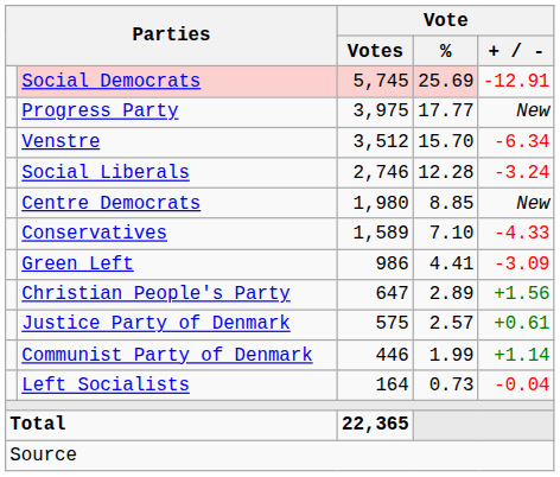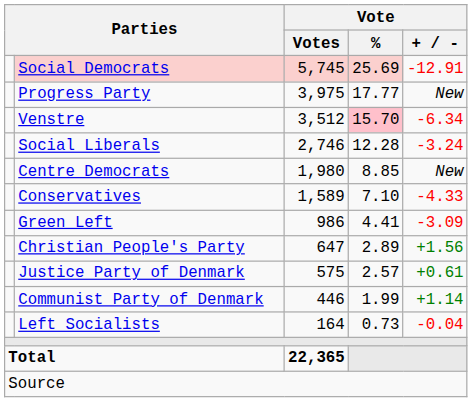 <table class="wikitable" style="text-align:right;">
 <tr>
 <th style="text-align:centre;" rowspan="2" colspan="2" width="225">Parties</th>
 <th colspan="3">Vote</th>
 </tr>
 <tr>
 <th width="15">Votes</th>
 <th width="15">%</th>
 <th width="15">+ / -</th>
 </tr>
 <tr>
 <td width="2" style="color:inherit;background:"></td>
 <td bgcolor=#fbd0ce  align="left"><a href='#'>Social Democrats</a></td>
 <td bgcolor=#fbd0ce>5,745</td>
 <td bgcolor=#fbd0ce>25.69</td>
 <td style=color:red;>-12.91</td>
 </tr>
 <tr>
 <td width="2" style="color:inherit;background:"></td>
 <td align="left"><a href='#'>Progress Party</a></td>
 <td>3,975</td>
 <td>17.77</td>
 <td><em>New</em></td>
 </tr>
 <tr>
 <td width="2" style="color:inherit;background:"></td>
 <td align="left"><a href='#'>Venstre</a></td>
 <td>3,512</td>
-<td>15.70</td>
+<td style="background: pink;">15.70</td>
 <td style=color:red;>-6.34</td>
 </tr>
 <tr>
 <td width="2" style="color:inherit;background:"></td>
 <td align="left"><a href='#'>Social Liberals</a></td>
 <td>2,746</td>
 <td>12.28</td>
 <td style=color:red;>-3.24</td>
 </tr>
 <tr>
 <td width="2" style="color:inherit;background:"></td>
 <td align="left"><a href='#'>Centre Democrats</a></td>
 <td>1,980</td>
 <td>8.85</td>
 <td><em>New</em></td>
 </tr>
 <tr>
 <td width="2" style="color:inherit;background:"></td>
 <td align="left"><a href='#'>Conservatives</a></td>
 <td>1,589</td>
 <td>7.10</td>
 <td style=color:red;>-4.33</td>
 </tr>
 <tr>
 <td width="2" style="color:inherit;background:"></td>
 <td align="left"><a href='#'>Green Left</a></td>
 <td>986</td>
 <td>4.41</td>
 <td style=color:red;>-3.09</td>
 </tr>
 <tr>
 <td width="2" style="color:inherit;background:"></td>
 <td align="left"><a href='#'>Christian People's Party</a></td>
 <td>647</td>
 <td>2.89</td>
 <td style=color:green;>+1.56</td>
 </tr>
 <tr>
 <td width="2" style="color:inherit;background:"></td>
 <td align="left"><a href='#'>Justice Party of Denmark</a></td>
 <td>575</td>
 <td>2.57</td>
 <td style=color:green;>+0.61</td>
 </tr>
 <tr>
 <td width="2" style="color:inherit;background:"></td>
 <td align="left"><a href='#'>Communist Party of Denmark</a></td>
 <td>446</td>
 <td>1.99</td>
 <td style=color:green;>+1.14</td>
 </tr>
 <tr>
 <td width="2" style="color:inherit;background:"></td>
 <td align="left"><a href='#'>Left Socialists</a></td>
 <td>164</td>
 <td>0.73</td>
 <td style=color:red;>-0.04</td>
 </tr>
 <tr>
 <td colspan="7" bgcolor="#E9E9E9"></td>
 </tr>
 <tr>
 <td align="left" colspan="2"><strong>Total</strong></td>
 <td><strong>22,365</strong></td>
 <td bgcolor="#E9E9E9" colspan="2"></td>
 </tr>
 <tr>
 <td align="left" colspan="6">Source</td>
 </tr>
 </table>
